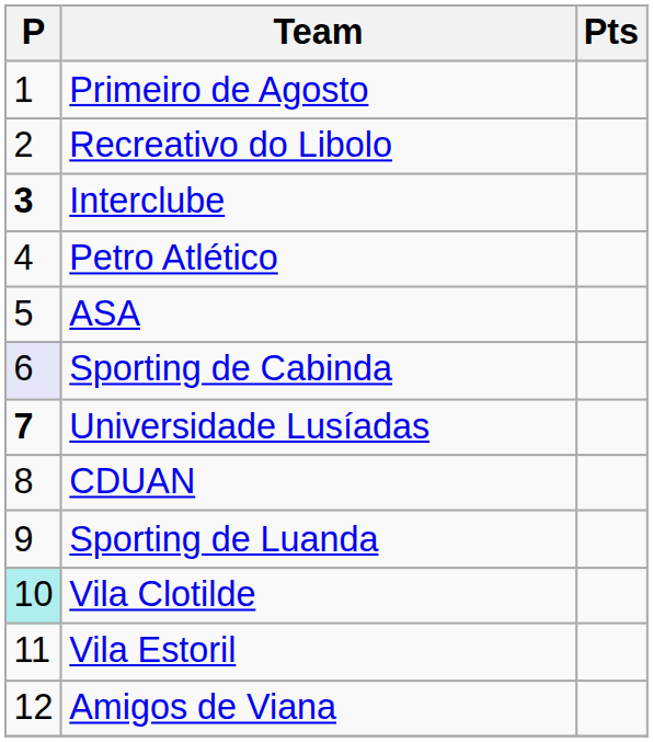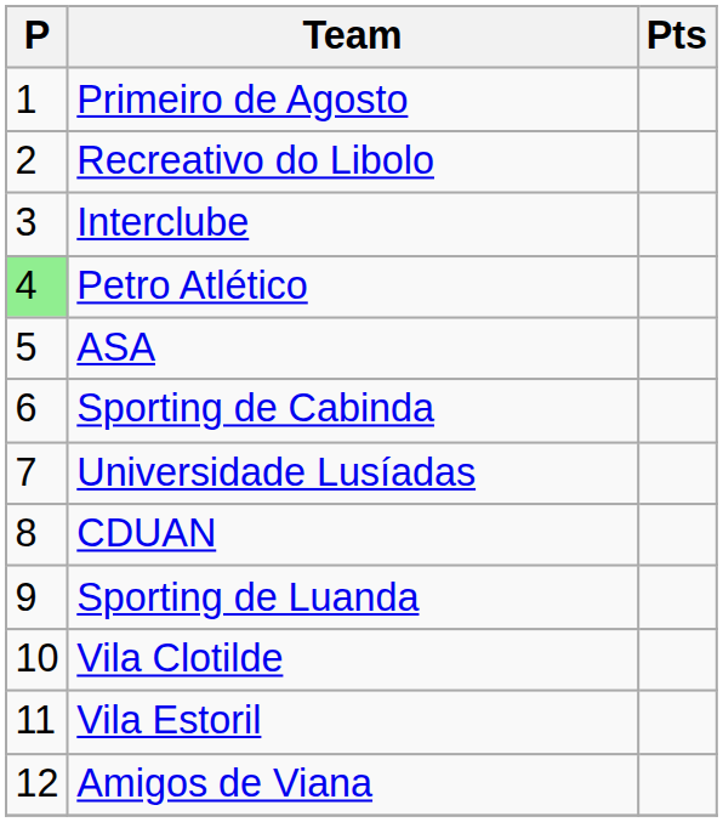 <table class="wikitable">
 <tr>
 <th>P</th>
 <th width=225>Team</th>
 <th>Pts</th>
 </tr>
 <tr>
 <td>1</td>
 <td><a href='#'>Primeiro de Agosto</a></td>
 <td></td>
 </tr>
 <tr>
 <td>2</td>
 <td><a href='#'>Recreativo do Libolo</a></td>
 <td></td>
 </tr>
 <tr>
-<td><strong>3</strong></td>
+<td>3</td>
 <td><a href='#'>Interclube</a></td>
 <td></td>
 </tr>
 <tr>
-<td>4</td>
+<td style="background: lightgreen;">4</td>
 <td><a href='#'>Petro Atlético</a></td>
 <td></td>
 </tr>
 <tr>
 <td>5</td>
 <td><a href='#'>ASA</a></td>
 <td></td>
 </tr>
 <tr>
-<td style="background: lavender;">6</td>
+<td>6</td>
 <td><a href='#'>Sporting de Cabinda</a></td>
 <td></td>
 </tr>
 <tr>
-<td><strong>7</strong></td>
+<td>7</td>
 <td><a href='#'>Universidade Lusíadas</a></td>
 <td></td>
 </tr>
 <tr>
 <td>8</td>
 <td><a href='#'>CDUAN</a></td>
 <td></td>
 </tr>
 <tr>
 <td>9</td>
 <td><a href='#'>Sporting de Luanda</a></td>
 <td></td>
 </tr>
 <tr>
-<td style="background: paleturquoise;">10</td>
+<td>10</td>
 <td><a href='#'>Vila Clotilde</a></td>
 <td></td>
 </tr>
 <tr>
 <td>11</td>
 <td><a href='#'>Vila Estoril</a></td>
 <td></td>
 </tr>
 <tr>
 <td>12</td>
 <td><a href='#'>Amigos de Viana</a></td>
 <td></td>
 </tr>
 <tr>
 </tr>
 </table>
